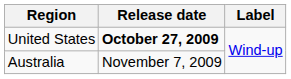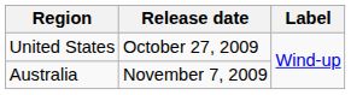 <table class="wikitable">
 <tr>
 <th>Region</th>
 <th>Release date</th>
 <th>Label</th>
 </tr>
 <tr>
 <td>United States</td>
-<td><strong>October 27, 2009</strong></td>
+<td>October 27, 2009</td>
 <td rowspan="2"><a href='#'>Wind-up</a></td>
 </tr>
 <tr>
 <td>Australia</td>
 <td>November 7, 2009</td>
 </tr>
 </table>
